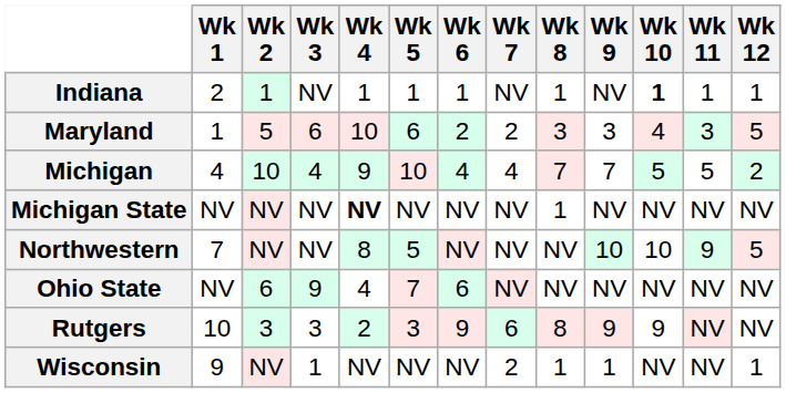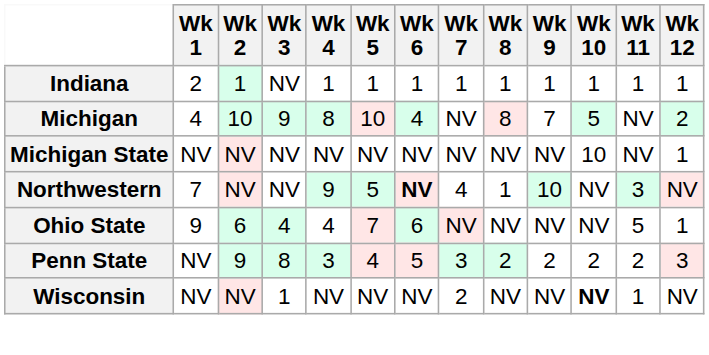 <table class="wikitable" style="white-space:nowrap;font-size:90%;text-align:center;">
 <tr>
 <th style="background:white; border-top-style:hidden; border-left-style:hidden;"> </th>
 <th>Wk<br> 1</th>
 <th>Wk<br>2</th>
 <th>Wk<br>3</th>
 <th>Wk<br>4</th>
 <th>Wk<br>5</th>
 <th>Wk<br>6</th>
 <th>Wk<br>7</th>
 <th>Wk<br>8</th>
 <th>Wk<br>9</th>
 <th>Wk<br>10</th>
 <th>Wk<br>11</th>
 <th>Wk<br>12</th>
 </tr>
 <tr>
 <th>Indiana</th>
 <td style="background:#FFF;">2</td>
 <td style="background:#d8ffeb;">1</td>
 <td style="background:#FFF;">NV</td>
 <td style="background:#FFF;">1</td>
 <td style="background:#FFF;">1</td>
 <td style="background:#FFF;">1</td>
-<td style="background:#FFF;">NV</td>
-<td style="background:#FFF;">1</td>
-<td style="background:#FFF;">NV</td>
-<td style="background:#FFF;"><strong>1</strong></td>
 <td style="background:#FFF;">1</td>
 <td style="background:#FFF;">1</td>
-</tr>
-<tr>
-<th>Maryland</th>
 <td style="background:#FFF;">1</td>
-<td style="background:#ffe6e6;">5</td>
-<td style="background:#ffe6e6;">6</td>
-<td style="background:#ffe6e6;">10</td>
-<td style="background:#d8ffeb;">6</td>
-<td style="background:#d8ffeb;">2</td>
-<td style="background:#FFF;">2</td>
-<td style="background:#ffe6e6;">3</td>
-<td style="background:#FFF;">3</td>
-<td style="background:#ffe6e6;">4</td>
-<td style="background:#d8ffeb;">3</td>
-<td style="background:#ffe6e6;">5</td>
+<td style="background:#FFF;">1</td>
+<td style="background:#FFF;">1</td>
+<td style="background:#FFF;">1</td>
 </tr>
 <tr>
 <th>Michigan</th>
 <td style="background:#FFF;">4</td>
 <td style="background:#d8ffeb;">10</td>
-<td style="background:#d8ffeb;">4</td>
 <td style="background:#d8ffeb;">9</td>
+<td style="background:#d8ffeb;">8</td>
 <td style="background:#ffe6e6;">10</td>
 <td style="background:#d8ffeb;">4</td>
-<td style="background:#FFF;">4</td>
-<td style="background:#ffe6e6;">7</td>
+<td style="background:#FFF;">NV</td>
+<td style="background:#ffe6e6;">8</td>
 <td style="background:#FFF;">7</td>
 <td style="background:#d8ffeb;">5</td>
-<td style="background:#FFF;">5</td>
+<td style="background:#FFF;">NV</td>
 <td style="background:#d8ffeb;">2</td>
 </tr>
 <tr>
 <th>Michigan State</th>
 <td style="background:#FFF;">NV</td>
 <td style="background:#ffe6e6;">NV</td>
 <td style="background:#FFF;">NV</td>
-<td style="background:#FFF;"><strong>NV</strong></td>
-<td style="background:#FFF;">NV</td>
-<td style="background:#FFF;">NV</td>
-<td style="background:#FFF;">NV</td>
-<td style="background:#FFF;">1</td>
 <td style="background:#FFF;">NV</td>
 <td style="background:#FFF;">NV</td>
 <td style="background:#FFF;">NV</td>
 <td style="background:#FFF;">NV</td>
+<td style="background:#FFF;">NV</td>
+<td style="background:#FFF;">NV</td>
+<td style="background:#FFF;">10</td>
+<td style="background:#FFF;">NV</td>
+<td style="background:#FFF;">1</td>
 </tr>
 <tr>
 <th>Northwestern</th>
 <td style="background:#FFF;">7</td>
 <td style="background:#ffe6e6;">NV</td>
 <td style="background:#FFF;">NV</td>
-<td style="background:#d8ffeb;">8</td>
+<td style="background:#d8ffeb;">9</td>
 <td style="background:#d8ffeb;">5</td>
+<td style="background:#ffe6e6;"><strong>NV</strong></td>
+<td style="background:#FFF;">4</td>
+<td style="background:#FFF;">1</td>
+<td style="background:#d8ffeb;">10</td>
+<td style="background:#FFF;">NV</td>
+<td style="background:#d8ffeb;">3</td>
 <td style="background:#ffe6e6;">NV</td>
-<td style="background:#FFF;">NV</td>
-<td style="background:#FFF;">NV</td>
-<td style="background:#d8ffeb;">10</td>
-<td style="background:#FFF;">10</td>
-<td style="background:#d8ffeb;">9</td>
-<td style="background:#ffe6e6;">5</td>
 </tr>
 <tr>
 <th>Ohio State</th>
-<td style="background:#FFF;">NV</td>
+<td style="background:#FFF;">9</td>
 <td style="background:#d8ffeb;">6</td>
-<td style="background:#d8ffeb;">9</td>
+<td style="background:#d8ffeb;">4</td>
 <td style="background:#FFF;">4</td>
 <td style="background:#ffe6e6;">7</td>
 <td style="background:#d8ffeb;">6</td>
 <td style="background:#ffe6e6;">NV</td>
 <td style="background:#FFF;">NV</td>
 <td style="background:#FFF;">NV</td>
 <td style="background:#FFF;">NV</td>
-<td style="background:#FFF;">NV</td>
-<td style="background:#FFF;">NV</td>
+<td style="background:#FFF;">5</td>
+<td style="background:#FFF;">1</td>
 </tr>
 <tr>
-<th>Rutgers</th>
-<td style="background:#FFF;">10</td>
+<th>Penn State</th>
+<td style="background:#FFF;">NV</td>
+<td style="background:#d8ffeb;">9</td>
+<td style="background:#d8ffeb;">8</td>
 <td style="background:#d8ffeb;">3</td>
-<td style="background:#FFF;">3</td>
+<td style="background:#ffe6e6;">4</td>
+<td style="background:#ffe6e6;">5</td>
+<td style="background:#d8ffeb;">3</td>
 <td style="background:#d8ffeb;">2</td>
+<td style="background:#FFF;">2</td>
+<td style="background:#FFF;">2</td>
+<td style="background:#FFF;">2</td>
 <td style="background:#ffe6e6;">3</td>
-<td style="background:#ffe6e6;">9</td>
-<td style="background:#d8ffeb;">6</td>
-<td style="background:#ffe6e6;">8</td>
-<td style="background:#ffe6e6;">9</td>
-<td style="background:#FFF;">9</td>
-<td style="background:#ffe6e6;">NV</td>
-<td style="background:#FFF;">NV</td>
 </tr>
 <tr>
 <th>Wisconsin</th>
-<td style="background:#FFF;">9</td>
+<td style="background:#FFF;">NV</td>
 <td style="background:#ffe6e6;">NV</td>
 <td style="background:#FFF;">1</td>
 <td style="background:#FFF;">NV</td>
 <td style="background:#FFF;">NV</td>
 <td style="background:#FFF;">NV</td>
 <td style="background:#FFF;">2</td>
-<td style="background:#FFF;">1</td>
+<td style="background:#FFF;">NV</td>
+<td style="background:#FFF;">NV</td>
+<td style="background:#FFF;"><strong>NV</strong></td>
 <td style="background:#FFF;">1</td>
 <td style="background:#FFF;">NV</td>
-<td style="background:#FFF;">NV</td>
-<td style="background:#FFF;">1</td>
 </tr>
 </table>
